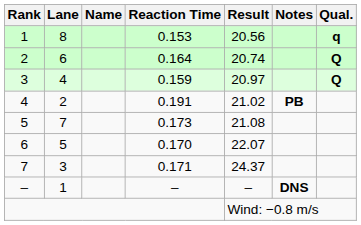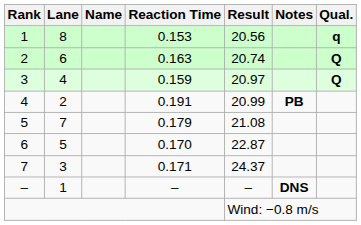 <table class="wikitable" style="text-align:center">
 <tr>
 <th>Rank</th>
 <th>Lane</th>
 <th>Name</th>
 <th>Reaction Time</th>
 <th>Result</th>
 <th>Notes</th>
 <th>Qual.</th>
 </tr>
 <tr bgcolor=ccffcc>
 <td>1</td>
 <td>8</td>
 <td align="left"></td>
 <td>0.153</td>
 <td>20.56</td>
 <td></td>
 <td><strong>q</strong></td>
 </tr>
 <tr bgcolor=ccffcc>
 <td>2</td>
 <td>6</td>
 <td align="left"></td>
-<td>0.164</td>
+<td>0.163</td>
 <td>20.74</td>
 <td></td>
 <td><strong>Q</strong></td>
 </tr>
 <tr bgcolor=ddffdd>
 <td>3</td>
 <td>4</td>
 <td align="left"></td>
 <td>0.159</td>
 <td>20.97</td>
 <td></td>
 <td><strong>Q</strong></td>
 </tr>
 <tr>
 <td>4</td>
 <td>2</td>
 <td align="left"></td>
 <td>0.191</td>
-<td>21.02</td>
+<td>20.99</td>
 <td><strong>PB</strong></td>
 <td></td>
 </tr>
 <tr>
 <td>5</td>
 <td>7</td>
 <td align="left"></td>
-<td>0.173</td>
+<td>0.179</td>
 <td>21.08</td>
 <td></td>
 <td></td>
 </tr>
 <tr>
 <td>6</td>
 <td>5</td>
 <td align="left"></td>
 <td>0.170</td>
-<td>22.07</td>
+<td>22.87</td>
 <td></td>
 <td></td>
 </tr>
 <tr>
 <td>7</td>
 <td>3</td>
 <td align="left"></td>
 <td>0.171</td>
 <td>24.37</td>
 <td></td>
 <td></td>
 </tr>
 <tr>
 <td>–</td>
 <td>1</td>
 <td align="left"></td>
 <td>–</td>
 <td>–</td>
 <td><strong>DNS</strong></td>
 <td></td>
 </tr>
 <tr class="sortbottom">
 <td colspan=4></td>
 <td colspan="3" style="text-align:left;">Wind: −0.8 m/s</td>
 </tr>
 </table>
